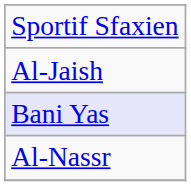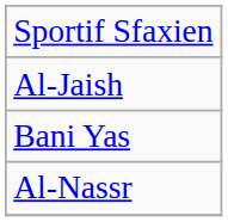 <table class="wikitable">
 <tr>
 <td> <a href='#'>Sportif Sfaxien</a></td>
 </tr>
 <tr>
 <td> <a href='#'>Al-Jaish</a></td>
 </tr>
 <tr>
-<td style="background: lavender;"> <a href='#'>Bani Yas</a></td>
+<td> <a href='#'>Bani Yas</a></td>
 </tr>
 <tr>
 <td> <a href='#'>Al-Nassr</a></td>
 </tr>
 <tr>
 </tr>
 </table>
